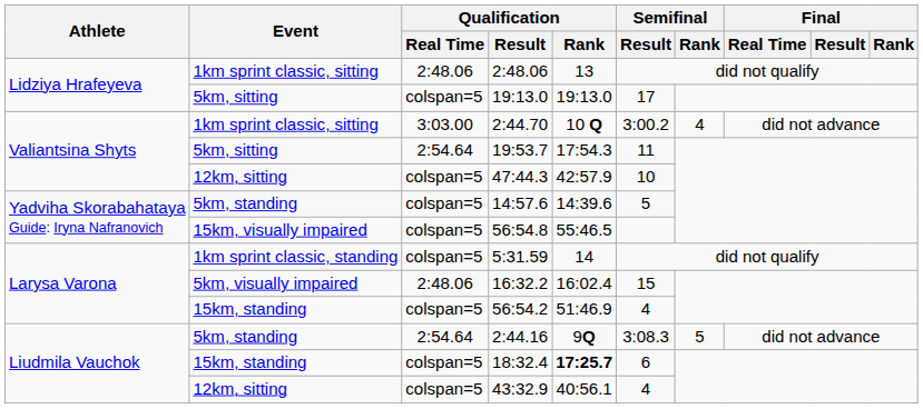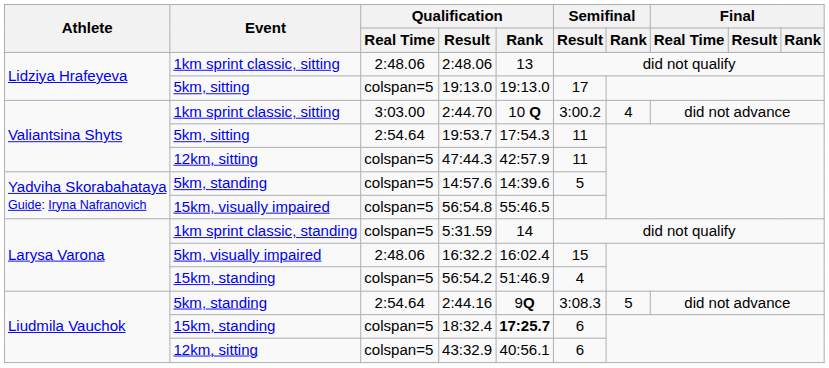 <table class="wikitable" style="font-size:100%">
 <tr>
 <th rowspan="2">Athlete</th>
 <th rowspan="2">Event</th>
 <th colspan="3">Qualification</th>
 <th colspan="2">Semifinal</th>
 <th colspan="3">Final</th>
 </tr>
 <tr>
 <th>Real Time</th>
 <th>Result</th>
 <th>Rank</th>
 <th>Result</th>
 <th>Rank</th>
 <th>Real Time</th>
 <th>Result</th>
 <th>Rank</th>
 </tr>
 <tr>
 <td rowspan=2><a href='#'>Lidziya Hrafeyeva</a></td>
 <td><a href='#'>1km sprint classic, sitting</a></td>
 <td align="center">2:48.06</td>
 <td align="center">2:48.06</td>
 <td align="center">13</td>
 <td colspan=5 align="center">did not qualify</td>
 </tr>
 <tr>
 <td><a href='#'>5km, sitting</a></td>
 <td>colspan=5 </td>
 <td align="center">19:13.0</td>
 <td align="center">19:13.0</td>
 <td align="center">17</td>
 </tr>
 <tr>
 <td rowspan=3><a href='#'>Valiantsina Shyts</a></td>
 <td><a href='#'>1km sprint classic, sitting</a></td>
 <td align="center">3:03.00</td>
 <td align="center">2:44.70</td>
 <td align="center">10 <strong>Q</strong></td>
 <td align="center">3:00.2</td>
 <td align="center">4</td>
 <td colspan=3 align="center">did not advance</td>
 </tr>
 <tr>
 <td><a href='#'>5km, sitting</a></td>
 <td align="center">2:54.64</td>
 <td align="center">19:53.7</td>
 <td align="center">17:54.3</td>
 <td align="center">11</td>
 </tr>
 <tr>
 <td><a href='#'>12km, sitting</a></td>
 <td>colspan=5 </td>
 <td align="center">47:44.3</td>
 <td align="center">42:57.9</td>
-<td align="center">10</td>
+<td align="center">11</td>
 </tr>
 <tr>
 <td rowspan=2><a href='#'>Yadviha Skorabahataya</a><br><small><a href='#'>Guide</a>: <a href='#'>Iryna Nafranovich</a></small></td>
 <td><a href='#'>5km, standing</a></td>
 <td>colspan=5 </td>
 <td align="center">14:57.6</td>
 <td align="center">14:39.6</td>
 <td align="center">5</td>
 </tr>
 <tr>
 <td><a href='#'>15km, visually impaired</a></td>
 <td>colspan=5 </td>
 <td align="center">56:54.8</td>
 <td align="center">55:46.5</td>
 <td align="center"></td>
 </tr>
 <tr>
 <td rowspan=3><a href='#'>Larysa Varona</a></td>
 <td><a href='#'>1km sprint classic, standing</a></td>
 <td>colspan=5 </td>
 <td align="center">5:31.59</td>
 <td align="center">14</td>
 <td colspan=5 align="center">did not qualify</td>
 </tr>
 <tr>
 <td><a href='#'>5km, visually impaired</a></td>
 <td align="center">2:48.06</td>
 <td align="center">16:32.2</td>
 <td align="center">16:02.4</td>
 <td align="center">15</td>
 </tr>
 <tr>
 <td><a href='#'>15km, standing</a></td>
 <td>colspan=5 </td>
 <td align="center">56:54.2</td>
 <td align="center">51:46.9</td>
 <td align="center">4</td>
 </tr>
 <tr>
 <td rowspan=3><a href='#'>Liudmila Vauchok</a></td>
 <td><a href='#'>5km, standing</a></td>
 <td align="center">2:54.64</td>
 <td align="center">2:44.16</td>
 <td align="center">9<strong>Q</strong></td>
 <td align="center">3:08.3</td>
 <td align="center">5</td>
 <td colspan=3 align="center">did not advance</td>
 </tr>
 <tr>
 <td><a href='#'>15km, standing</a></td>
 <td>colspan=5 </td>
 <td align="center">18:32.4</td>
 <td align="center"><strong>17:25.7</strong></td>
 <td align="center">6</td>
 </tr>
 <tr>
 <td><a href='#'>12km, sitting</a></td>
 <td>colspan=5 </td>
 <td align="center">43:32.9</td>
 <td align="center">40:56.1</td>
-<td align="center">4</td>
+<td align="center">6</td>
 </tr>
 </table>
